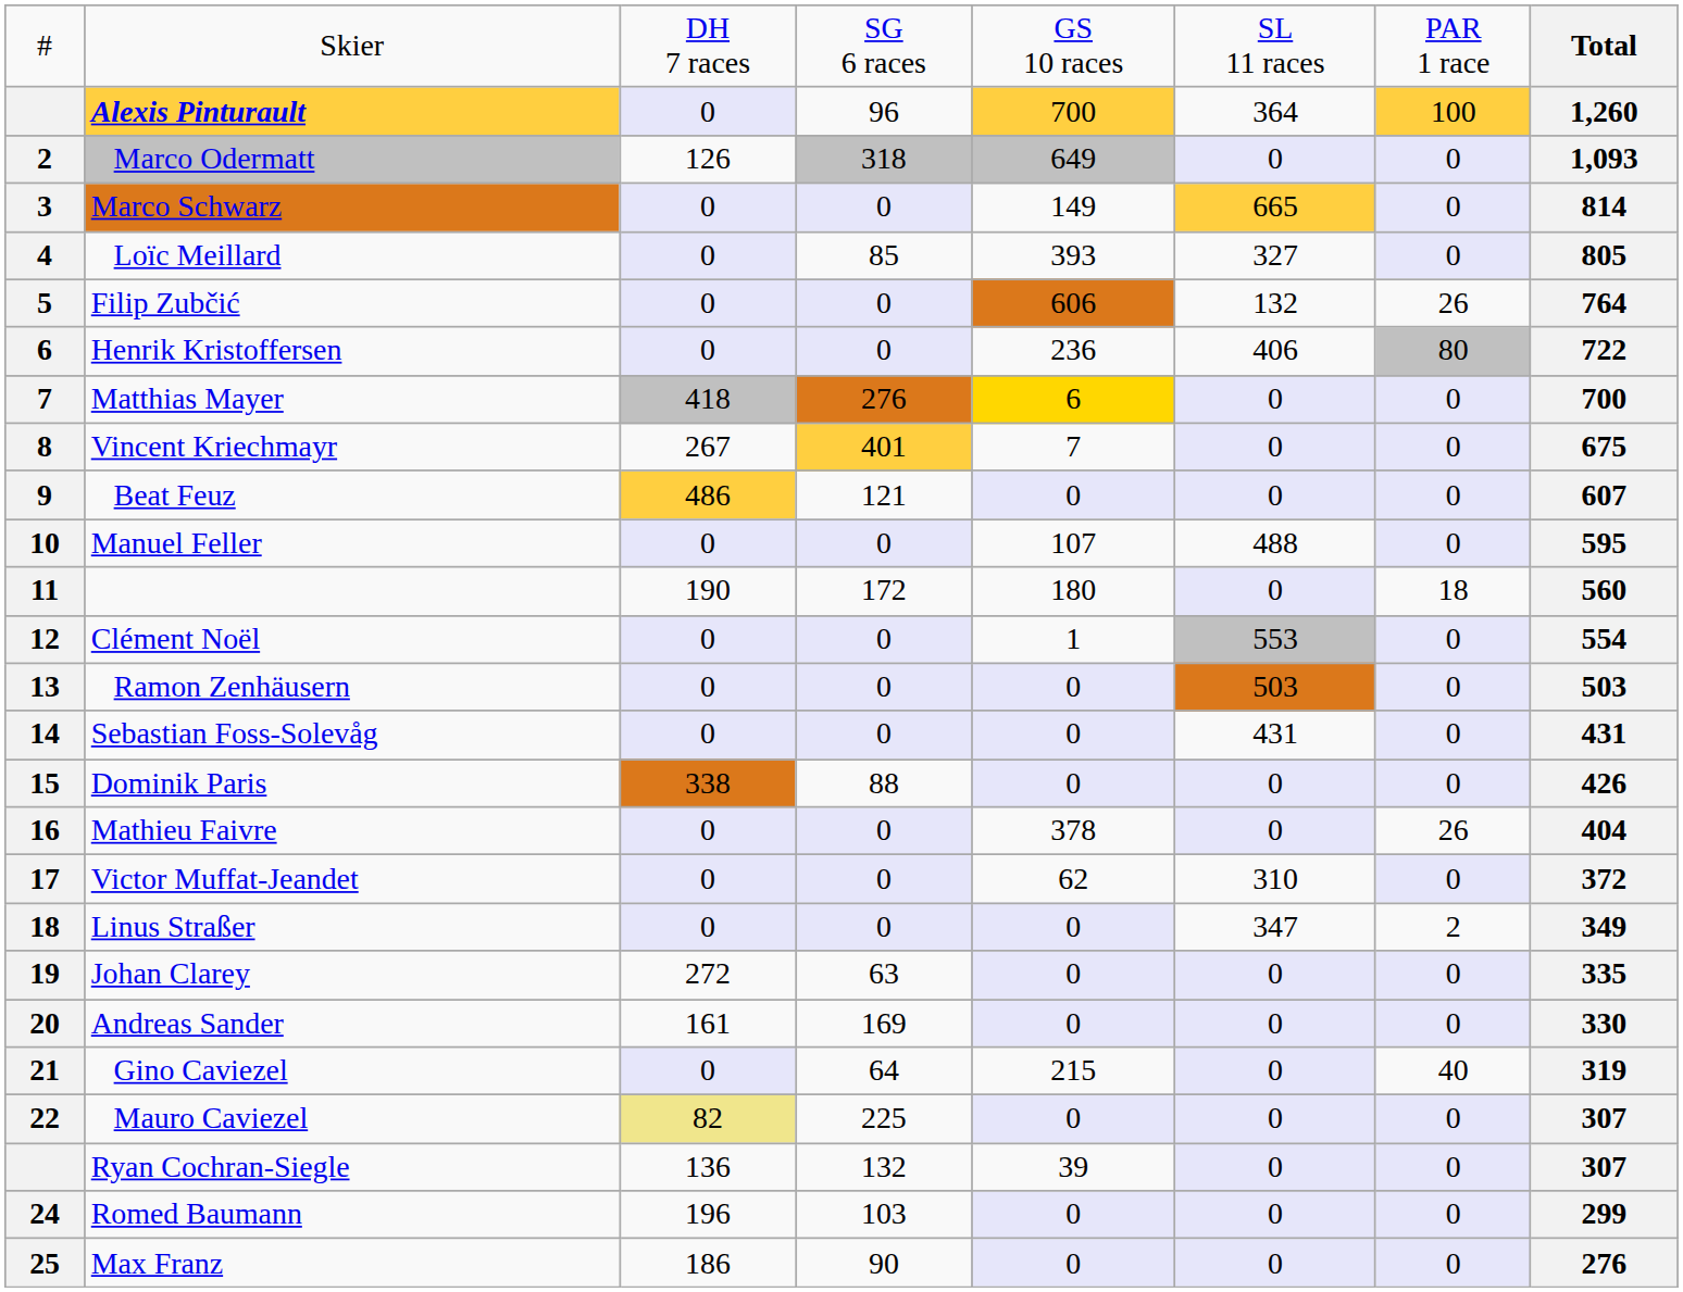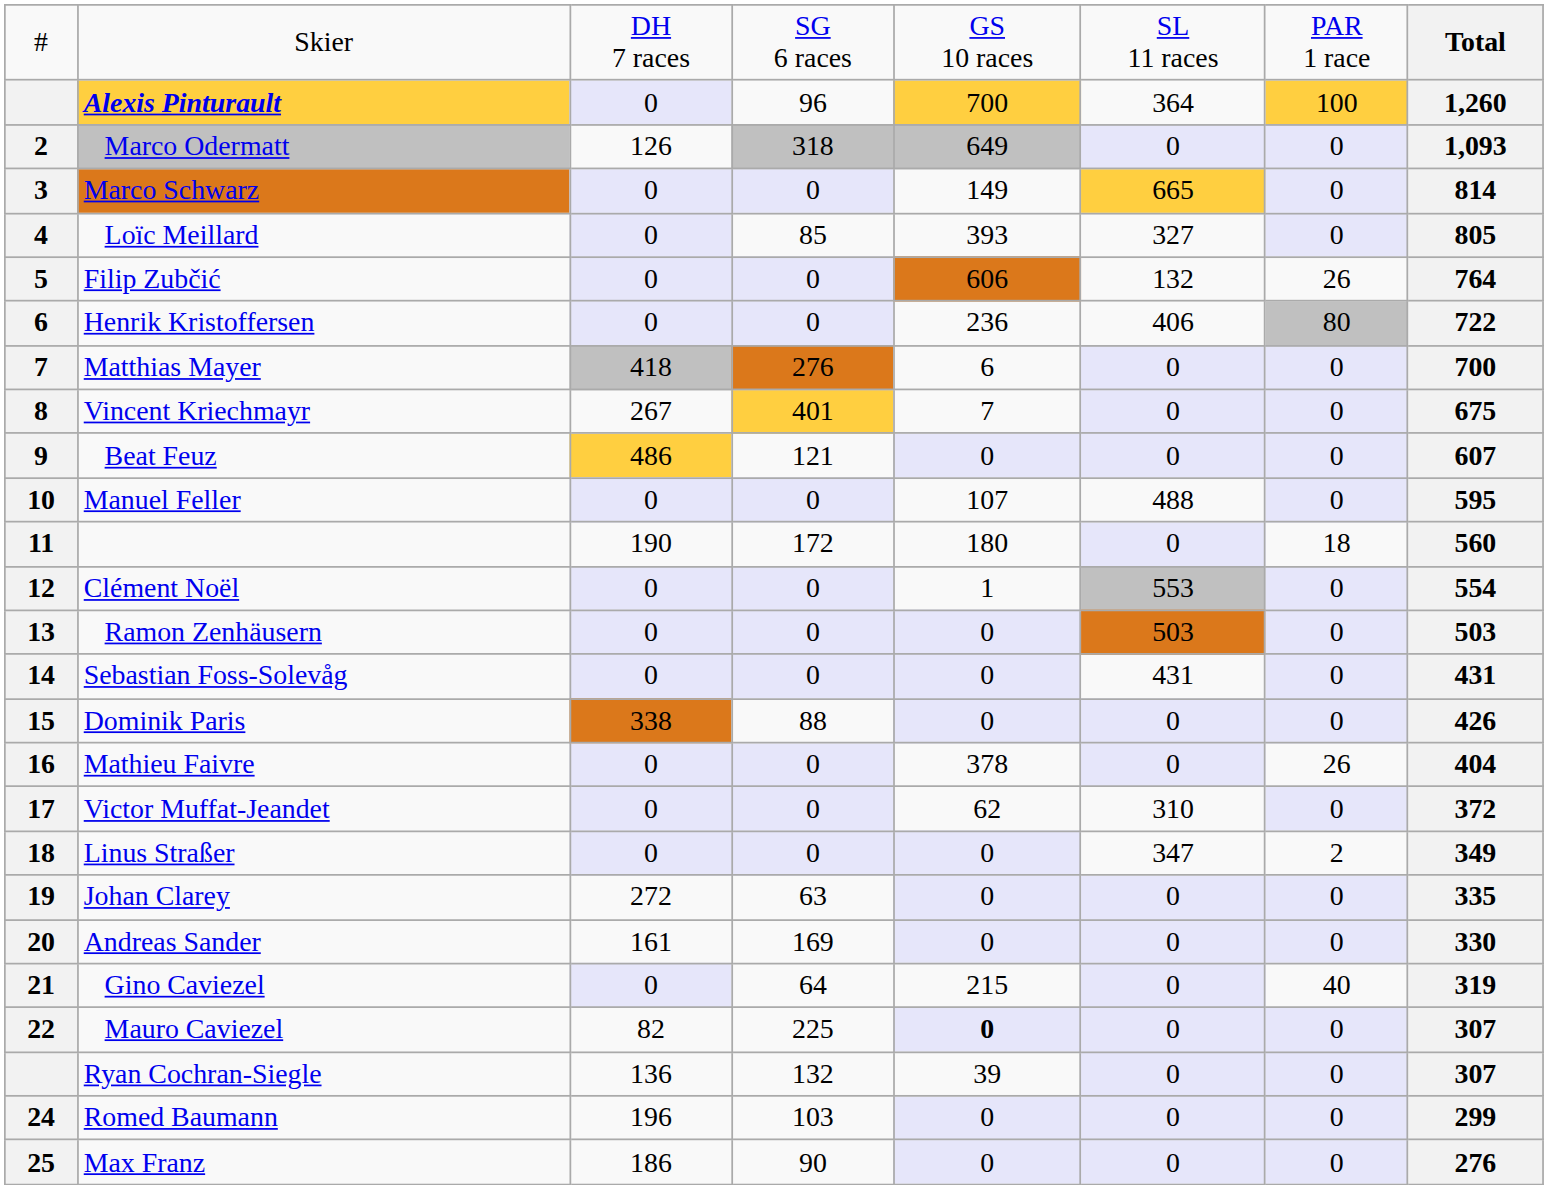 <table class="wikitable" width=70% style="font-size:100%; text-align:center;">
 <tr>
 <td>#</td>
 <td>Skier</td>
 <td><a href='#'>DH</a><br>7 races</td>
 <td><a href='#'>SG</a><br>6 races</td>
 <td><a href='#'>GS</a><br>10 races</td>
 <td><a href='#'>SL</a><br>11 races</td>
 <td> <a href='#'>PAR</a> <br>1 race</td>
 <th>Total</th>
 </tr>
 <tr>
 <th></th>
 <td align=left bgcolor=ffcf40> <strong><em><a href='#'>Alexis Pinturault</a></em></strong></td>
 <td bgcolor=lavender>0</td>
 <td>96</td>
 <td bgcolor=ffcf40>700</td>
 <td>364</td>
 <td bgcolor=ffcf40>100</td>
 <th>1,260</th>
 </tr>
 <tr>
 <th>2</th>
 <td align=left bgcolor=c0c0c0>   <a href='#'>Marco Odermatt</a></td>
 <td>126</td>
 <td bgcolor=c0c0c0>318</td>
 <td bgcolor=c0c0c0>649</td>
 <td bgcolor=lavender>0</td>
 <td bgcolor=lavender>0</td>
 <th>1,093</th>
 </tr>
 <tr>
 <th>3</th>
 <td align=left bgcolor=db781b> <a href='#'>Marco Schwarz</a></td>
 <td bgcolor=lavender>0</td>
 <td bgcolor=lavender>0</td>
 <td>149</td>
 <td bgcolor=ffcf40>665</td>
 <td bgcolor=lavender>0</td>
 <th>814</th>
 </tr>
 <tr>
 <th>4</th>
 <td align=left>   <a href='#'>Loïc Meillard</a></td>
 <td bgcolor=lavender>0</td>
 <td>85</td>
 <td>393</td>
 <td>327</td>
 <td bgcolor=lavender>0</td>
 <th>805</th>
 </tr>
 <tr>
 <th>5</th>
 <td align=left> <a href='#'>Filip Zubčić</a></td>
 <td bgcolor=lavender>0</td>
 <td bgcolor=lavender>0</td>
 <td bgcolor=db781b>606</td>
 <td>132</td>
 <td>26</td>
 <th>764</th>
 </tr>
 <tr>
 <th>6</th>
 <td align=left> <a href='#'>Henrik Kristoffersen</a></td>
 <td bgcolor=lavender>0</td>
 <td bgcolor=lavender>0</td>
 <td>236</td>
 <td>406</td>
 <td bgcolor=c0c0c0>80</td>
 <th>722</th>
 </tr>
 <tr>
 <th>7</th>
 <td align=left> <a href='#'>Matthias Mayer</a></td>
 <td bgcolor=c0c0c0>418</td>
 <td bgcolor=db781b>276</td>
-<td style="background: gold;">6</td>
+<td>6</td>
 <td bgcolor=lavender>0</td>
 <td bgcolor=lavender>0</td>
 <th>700</th>
 </tr>
 <tr>
 <th>8</th>
 <td align=left> <a href='#'>Vincent Kriechmayr</a></td>
 <td>267</td>
 <td bgcolor=ffcf40>401</td>
 <td>7</td>
 <td bgcolor=lavender>0</td>
 <td bgcolor=lavender>0</td>
 <th>675</th>
 </tr>
 <tr>
 <th>9</th>
 <td align=left>   <a href='#'>Beat Feuz</a></td>
 <td bgcolor=ffcf40>486</td>
 <td>121</td>
 <td bgcolor=lavender>0</td>
 <td bgcolor=lavender>0</td>
 <td bgcolor=lavender>0</td>
 <th>607</th>
 </tr>
 <tr>
 <th>10</th>
 <td align=left> <a href='#'>Manuel Feller</a></td>
 <td bgcolor=lavender>0</td>
 <td bgcolor=lavender>0</td>
 <td>107</td>
 <td>488</td>
 <td bgcolor=lavender>0</td>
 <th>595</th>
 </tr>
 <tr>
 <th>11</th>
 <td align=left></td>
 <td>190</td>
 <td>172</td>
 <td>180</td>
 <td bgcolor=lavender>0</td>
 <td>18</td>
 <th>560</th>
 </tr>
 <tr>
 <th>12</th>
 <td align=left> <a href='#'>Clément Noël</a></td>
 <td bgcolor=lavender>0</td>
 <td bgcolor=lavender>0</td>
 <td>1</td>
 <td bgcolor=c0c0c0>553</td>
 <td bgcolor=lavender>0</td>
 <th>554</th>
 </tr>
 <tr>
 <th>13</th>
 <td align=left>   <a href='#'>Ramon Zenhäusern</a></td>
 <td bgcolor=lavender>0</td>
 <td bgcolor=lavender>0</td>
 <td bgcolor=lavender>0</td>
 <td bgcolor=db781b>503</td>
 <td bgcolor=lavender>0</td>
 <th>503</th>
 </tr>
 <tr>
 <th>14</th>
 <td align=left> <a href='#'>Sebastian Foss-Solevåg</a></td>
 <td bgcolor=lavender>0</td>
 <td bgcolor=lavender>0</td>
 <td bgcolor=lavender>0</td>
 <td>431</td>
 <td bgcolor=lavender>0</td>
 <th>431</th>
 </tr>
 <tr>
 <th>15</th>
 <td align=left> <a href='#'>Dominik Paris</a></td>
 <td bgcolor=db781b>338</td>
 <td>88</td>
 <td bgcolor=lavender>0</td>
 <td bgcolor=lavender>0</td>
 <td bgcolor=lavender>0</td>
 <th>426</th>
 </tr>
 <tr>
 <th>16</th>
 <td align=left> <a href='#'>Mathieu Faivre</a></td>
 <td bgcolor=lavender>0</td>
 <td bgcolor=lavender>0</td>
 <td>378</td>
 <td bgcolor=lavender>0</td>
 <td>26</td>
 <th>404</th>
 </tr>
 <tr>
 <th>17</th>
 <td align=left> <a href='#'>Victor Muffat-Jeandet</a></td>
 <td bgcolor=lavender>0</td>
 <td bgcolor=lavender>0</td>
 <td>62</td>
 <td>310</td>
 <td bgcolor=lavender>0</td>
 <th>372</th>
 </tr>
 <tr>
 <th>18</th>
 <td align=left> <a href='#'>Linus Straßer</a></td>
 <td bgcolor=lavender>0</td>
 <td bgcolor=lavender>0</td>
 <td bgcolor=lavender>0</td>
 <td>347</td>
 <td>2</td>
 <th>349</th>
 </tr>
 <tr>
 <th>19</th>
 <td align=left> <a href='#'>Johan Clarey</a></td>
 <td>272</td>
 <td>63</td>
 <td bgcolor=lavender>0</td>
 <td bgcolor=lavender>0</td>
 <td bgcolor=lavender>0</td>
 <th>335</th>
 </tr>
 <tr>
 <th>20</th>
 <td align=left> <a href='#'>Andreas Sander</a></td>
 <td>161</td>
 <td>169</td>
 <td bgcolor=lavender>0</td>
 <td bgcolor=lavender>0</td>
 <td bgcolor=lavender>0</td>
 <th>330</th>
 </tr>
 <tr>
 <th>21</th>
 <td align=left>   <a href='#'>Gino Caviezel</a></td>
 <td bgcolor=lavender>0</td>
 <td>64</td>
 <td>215</td>
 <td bgcolor=lavender>0</td>
 <td>40</td>
 <th>319</th>
 </tr>
 <tr>
 <th>22</th>
 <td align=left>   <a href='#'>Mauro Caviezel</a></td>
-<td style="background: khaki;">82</td>
+<td>82</td>
 <td>225</td>
-<td bgcolor=lavender>0</td>
+<td bgcolor=lavender><strong>0</strong></td>
 <td bgcolor=lavender>0</td>
 <td bgcolor=lavender>0</td>
 <th>307</th>
 </tr>
 <tr>
 <th></th>
 <td align=left> <a href='#'>Ryan Cochran-Siegle</a></td>
 <td>136</td>
 <td>132</td>
 <td>39</td>
 <td bgcolor=lavender>0</td>
 <td bgcolor=lavender>0</td>
 <th>307</th>
 </tr>
 <tr>
 <th>24</th>
 <td align=left> <a href='#'>Romed Baumann</a></td>
 <td>196</td>
 <td>103</td>
 <td bgcolor=lavender>0</td>
 <td bgcolor=lavender>0</td>
 <td bgcolor=lavender>0</td>
 <th>299</th>
 </tr>
 <tr>
 <th>25</th>
 <td align=left> <a href='#'>Max Franz</a></td>
 <td>186</td>
 <td>90</td>
 <td bgcolor=lavender>0</td>
 <td bgcolor=lavender>0</td>
 <td bgcolor=lavender>0</td>
 <th>276</th>
 </tr>
 </table>
